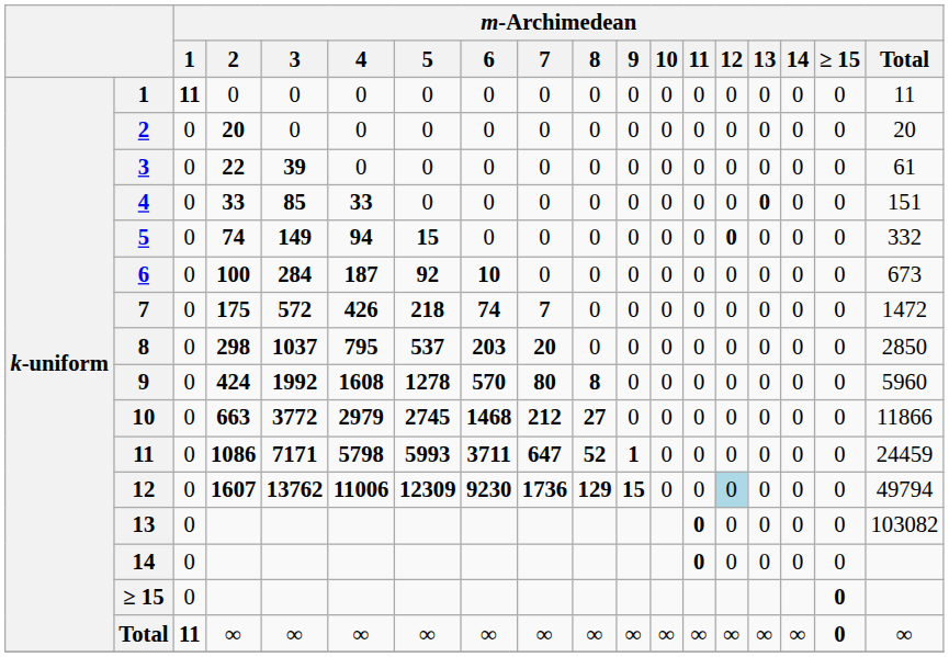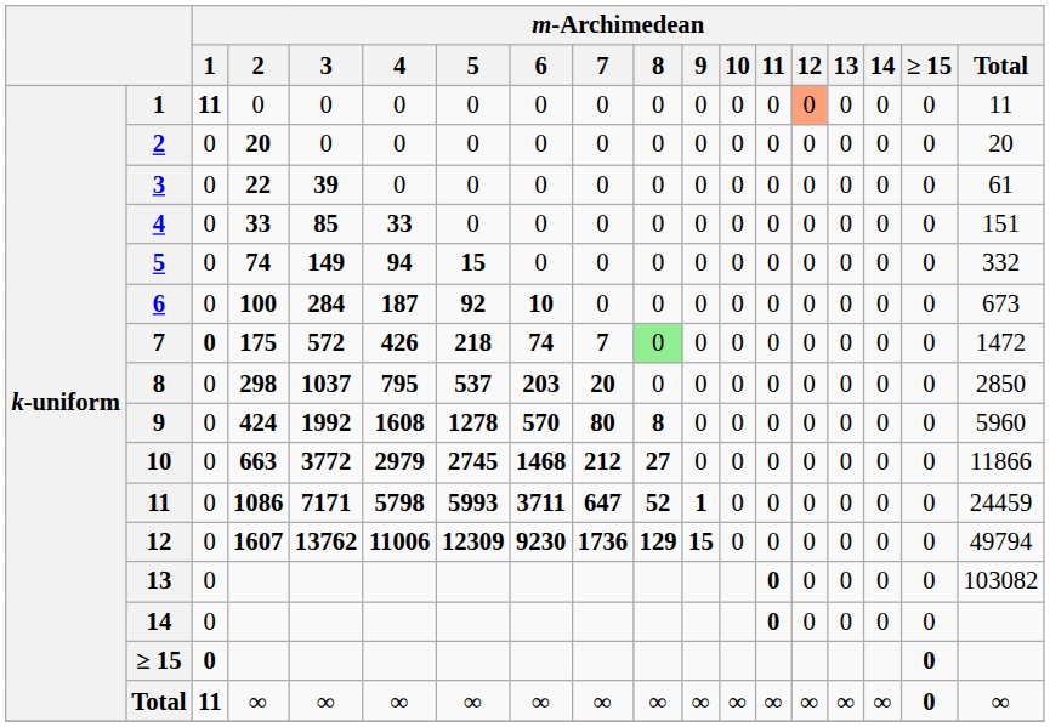 <table class="wikitable" align=left style="margin: auto; text-align:center;">
 <tr>
 <th colspan=2 rowspan=2></th>
 <th colspan="16"><em>m</em>-Archimedean</th>
 </tr>
 <tr>
 <th>1</th>
 <th>2</th>
 <th>3</th>
 <th>4</th>
 <th>5</th>
 <th>6</th>
 <th>7</th>
 <th>8</th>
 <th>9</th>
 <th>10</th>
 <th>11</th>
 <th>12</th>
 <th>13</th>
 <th>14</th>
 <th>≥ 15</th>
 <th>Total</th>
 </tr>
 <tr>
 <th rowspan="16"><em>k</em>-uniform</th>
 <th scope="row">1</th>
 <td><strong>11</strong></td>
 <td>0</td>
 <td>0</td>
 <td>0</td>
 <td>0</td>
 <td>0</td>
 <td>0</td>
 <td>0</td>
 <td>0</td>
 <td>0</td>
 <td>0</td>
-<td>0</td>
+<td style="background: lightsalmon;">0</td>
 <td>0</td>
 <td>0</td>
 <td>0</td>
 <td>11</td>
 </tr>
 <tr>
 <th scope="row"><a href='#'>2</a></th>
 <td>0</td>
 <td><strong>20</strong></td>
 <td>0</td>
 <td>0</td>
 <td>0</td>
 <td>0</td>
 <td>0</td>
 <td>0</td>
 <td>0</td>
 <td>0</td>
 <td>0</td>
 <td>0</td>
 <td>0</td>
 <td>0</td>
 <td>0</td>
 <td>20</td>
 </tr>
 <tr>
 <th scope="row"><a href='#'>3</a></th>
 <td>0</td>
 <td><strong>22</strong></td>
 <td><strong>39</strong></td>
 <td>0</td>
 <td>0</td>
 <td>0</td>
 <td>0</td>
 <td>0</td>
 <td>0</td>
 <td>0</td>
 <td>0</td>
 <td>0</td>
 <td>0</td>
 <td>0</td>
 <td>0</td>
 <td>61</td>
 </tr>
 <tr>
 <th scope="row"><a href='#'>4</a></th>
 <td>0</td>
 <td><strong>33</strong></td>
 <td><strong>85</strong></td>
 <td><strong>33</strong></td>
 <td>0</td>
 <td>0</td>
 <td>0</td>
 <td>0</td>
 <td>0</td>
 <td>0</td>
 <td>0</td>
 <td>0</td>
-<td><strong>0</strong></td>
+<td>0</td>
 <td>0</td>
 <td>0</td>
 <td>151</td>
 </tr>
 <tr>
 <th scope="row"><a href='#'>5</a></th>
 <td>0</td>
 <td><strong>74</strong></td>
 <td><strong>149</strong></td>
 <td><strong>94</strong></td>
 <td><strong>15</strong></td>
 <td>0</td>
 <td>0</td>
 <td>0</td>
 <td>0</td>
 <td>0</td>
 <td>0</td>
-<td><strong>0</strong></td>
+<td>0</td>
 <td>0</td>
 <td>0</td>
 <td>0</td>
 <td>332</td>
 </tr>
 <tr>
 <th scope="row"><a href='#'>6</a></th>
 <td>0</td>
 <td><strong>100</strong></td>
 <td><strong>284</strong></td>
 <td><strong>187</strong></td>
 <td><strong>92</strong></td>
 <td><strong>10</strong></td>
 <td>0</td>
 <td>0</td>
 <td>0</td>
 <td>0</td>
 <td>0</td>
 <td>0</td>
 <td>0</td>
 <td>0</td>
 <td>0</td>
 <td>673</td>
 </tr>
 <tr>
 <th scope="row">7</th>
-<td>0</td>
+<td><strong>0</strong></td>
 <td><strong>175</strong></td>
 <td><strong>572</strong></td>
 <td><strong>426</strong></td>
 <td><strong>218</strong></td>
 <td><strong>74</strong></td>
 <td><strong>7</strong></td>
-<td>0</td>
+<td style="background: lightgreen;">0</td>
 <td>0</td>
 <td>0</td>
 <td>0</td>
 <td>0</td>
 <td>0</td>
 <td>0</td>
 <td>0</td>
 <td>1472</td>
 </tr>
 <tr>
 <th scope="row">8</th>
 <td>0</td>
 <td><strong>298</strong></td>
 <td><strong>1037</strong></td>
 <td><strong>795</strong></td>
 <td><strong>537</strong></td>
 <td><strong>203</strong></td>
 <td><strong>20</strong></td>
 <td 0>0</td>
 <td>0</td>
 <td>0</td>
 <td>0</td>
 <td>0</td>
 <td>0</td>
 <td>0</td>
 <td>0</td>
 <td>2850</td>
 </tr>
 <tr>
 <th scope="row">9</th>
 <td>0</td>
 <td><strong>424</strong></td>
 <td><strong>1992</strong></td>
 <td><strong>1608</strong></td>
 <td><strong>1278</strong></td>
 <td><strong>570</strong></td>
 <td><strong>80</strong></td>
 <td><strong>8</strong></td>
 <td 0>0</td>
 <td>0</td>
 <td>0</td>
 <td>0</td>
 <td>0</td>
 <td>0</td>
 <td>0</td>
 <td>5960</td>
 </tr>
 <tr>
 <th scope="row">10</th>
 <td>0</td>
 <td><strong>663</strong></td>
 <td><strong>3772</strong></td>
 <td><strong>2979</strong></td>
 <td><strong>2745</strong></td>
 <td><strong>1468</strong></td>
 <td><strong>212</strong></td>
 <td><strong>27</strong></td>
 <td 0>0</td>
 <td>0</td>
 <td>0</td>
 <td>0</td>
 <td>0</td>
 <td>0</td>
 <td>0</td>
 <td>11866</td>
 </tr>
 <tr>
 <th scope="row">11</th>
 <td>0</td>
 <td><strong>1086</strong></td>
 <td><strong>7171</strong></td>
 <td><strong>5798</strong></td>
 <td><strong>5993</strong></td>
 <td><strong>3711</strong></td>
 <td><strong>647</strong></td>
 <td><strong>52</strong></td>
 <td><strong>1</strong></td>
 <td>0</td>
 <td>0</td>
 <td>0</td>
 <td>0</td>
 <td>0</td>
 <td>0</td>
 <td>24459</td>
 </tr>
 <tr>
 <th scope="row">12</th>
 <td>0</td>
 <td><strong>1607</strong></td>
 <td><strong>13762</strong></td>
 <td><strong>11006</strong></td>
 <td><strong>12309</strong></td>
 <td><strong>9230</strong></td>
 <td><strong>1736</strong></td>
 <td><strong>129</strong></td>
 <td><strong>15</strong></td>
 <td>0</td>
 <td 0>0</td>
-<td style="background: lightblue;">0</td>
+<td>0</td>
 <td>0</td>
 <td>0</td>
 <td>0</td>
 <td>49794</td>
 </tr>
 <tr>
 <th scope="row">13</th>
 <td>0</td>
 <td></td>
 <td></td>
 <td></td>
 <td></td>
 <td></td>
 <td></td>
 <td></td>
 <td></td>
 <td></td>
 <td><strong>0</strong></td>
 <td>0</td>
 <td>0</td>
 <td 0>0</td>
 <td>0</td>
 <td>103082</td>
 </tr>
 <tr>
 <th scope="row">14</th>
 <td>0</td>
 <td></td>
 <td></td>
 <td></td>
 <td></td>
 <td></td>
 <td></td>
 <td></td>
 <td></td>
 <td></td>
 <td><strong>0</strong></td>
 <td>0</td>
 <td>0</td>
 <td>0</td>
 <td>0</td>
 <td></td>
 </tr>
 <tr>
 <th scope="row">≥ 15</th>
-<td>0</td>
+<td><strong>0</strong></td>
 <td></td>
 <td></td>
 <td></td>
 <td></td>
 <td></td>
 <td></td>
 <td></td>
 <td></td>
 <td></td>
 <td></td>
 <td></td>
 <td></td>
 <td></td>
 <td><strong>0</strong></td>
 <td></td>
 </tr>
 <tr>
 <th scope="row">Total</th>
 <td><strong>11</strong></td>
 <td 0><strong>∞</strong></td>
 <td 0><strong>∞</strong></td>
 <td><strong>∞</strong></td>
 <td><strong>∞</strong></td>
 <td><strong>∞</strong></td>
 <td><strong>∞</strong></td>
 <td><strong>∞</strong></td>
 <td><strong>∞</strong></td>
 <td><strong>∞</strong></td>
 <td><strong>∞</strong></td>
 <td><strong>∞</strong></td>
 <td><strong>∞</strong></td>
 <td><strong>∞</strong></td>
 <td><strong>0</strong></td>
 <td><strong>∞</strong></td>
 </tr>
 <tr>
 </tr>
 </table>
